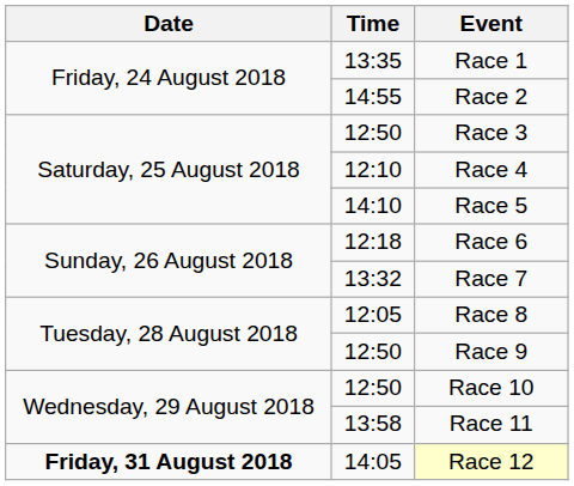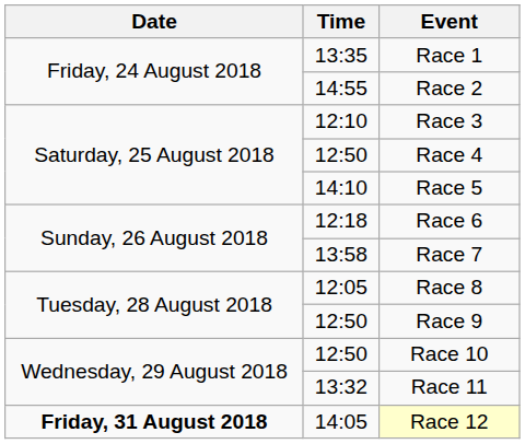 <table class = "wikitable" style="text-align:center;">
 <tr>
 <th width=220>Date</th>
 <th width=50>Time</th>
 <th width=100>Event</th>
 </tr>
 <tr>
 <td rowspan=2>Friday, 24 August 2018</td>
 <td>13:35</td>
 <td>Race 1</td>
 </tr>
 <tr>
 <td>14:55</td>
 <td>Race 2</td>
 </tr>
 <tr>
 <td rowspan=3>Saturday, 25 August 2018</td>
-<td>12:50</td>
+<td>12:10</td>
 <td>Race 3</td>
 </tr>
 <tr>
-<td>12:10</td>
+<td>12:50</td>
 <td>Race 4</td>
 </tr>
 <tr>
 <td>14:10</td>
 <td>Race 5</td>
 </tr>
 <tr>
 <td rowspan=2>Sunday, 26 August 2018</td>
 <td>12:18</td>
 <td>Race 6</td>
 </tr>
 <tr>
-<td>13:32</td>
+<td>13:58</td>
 <td>Race 7</td>
 </tr>
 <tr>
 <td rowspan=2>Tuesday, 28 August 2018</td>
 <td>12:05</td>
 <td>Race 8</td>
 </tr>
 <tr>
 <td>12:50</td>
 <td>Race 9</td>
 </tr>
 <tr>
 <td rowspan=2>Wednesday, 29 August 2018</td>
 <td>12:50</td>
 <td>Race 10</td>
 </tr>
 <tr>
-<td>13:58</td>
+<td>13:32</td>
 <td>Race 11</td>
 </tr>
 <tr>
 <td><strong>Friday, 31 August 2018</strong></td>
 <td>14:05</td>
 <td bgcolor=ffffcc>Race 12</td>
 </tr>
 </table>
